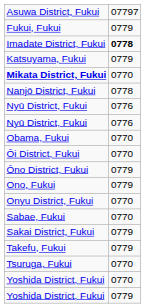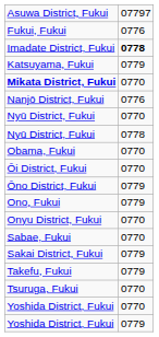 <table class="wikitable">
 <tr>
 <td><a href='#'>Asuwa District, Fukui</a></td>
 <td>07797</td>
 </tr>
 <tr>
 <td><a href='#'>Fukui, Fukui</a></td>
-<td>0779</td>
+<td>0776</td>
 </tr>
 <tr>
 <td><a href='#'>Imadate District, Fukui</a></td>
 <td><strong>0778</strong></td>
 </tr>
 <tr>
 <td><a href='#'>Katsuyama, Fukui</a></td>
 <td>0779</td>
 </tr>
 <tr>
 <td><strong><a href='#'>Mikata District, Fukui</a></strong></td>
 <td>0770</td>
 </tr>
 <tr>
 <td><a href='#'>Nanjō District, Fukui</a></td>
-<td>0778</td>
-</tr>
-<tr>
-<td><a href='#'>Nyū District, Fukui</a></td>
 <td>0776</td>
 </tr>
 <tr>
 <td><a href='#'>Nyū District, Fukui</a></td>
-<td>0776</td>
+<td>0770</td>
+</tr>
+<tr>
+<td><a href='#'>Nyū District, Fukui</a></td>
+<td>0778</td>
 </tr>
 <tr>
 <td><a href='#'>Obama, Fukui</a></td>
 <td>0770</td>
 </tr>
 <tr>
 <td><a href='#'>Ōi District, Fukui</a></td>
 <td>0770</td>
 </tr>
 <tr>
 <td><a href='#'>Ōno District, Fukui</a></td>
 <td>0779</td>
 </tr>
 <tr>
 <td><a href='#'>Ono, Fukui</a></td>
 <td>0779</td>
 </tr>
 <tr>
 <td><a href='#'>Onyu District, Fukui</a></td>
 <td>0770</td>
 </tr>
 <tr>
 <td><a href='#'>Sabae, Fukui</a></td>
 <td>0770</td>
 </tr>
 <tr>
 <td><a href='#'>Sakai District, Fukui</a></td>
 <td>0779</td>
 </tr>
 <tr>
 <td><a href='#'>Takefu, Fukui</a></td>
 <td>0779</td>
 </tr>
 <tr>
 <td><a href='#'>Tsuruga, Fukui</a></td>
 <td>0770</td>
 </tr>
 <tr>
 <td><a href='#'>Yoshida District, Fukui</a></td>
 <td>0770</td>
 </tr>
 <tr>
 <td><a href='#'>Yoshida District, Fukui</a></td>
 <td>0779</td>
 </tr>
 </table>
